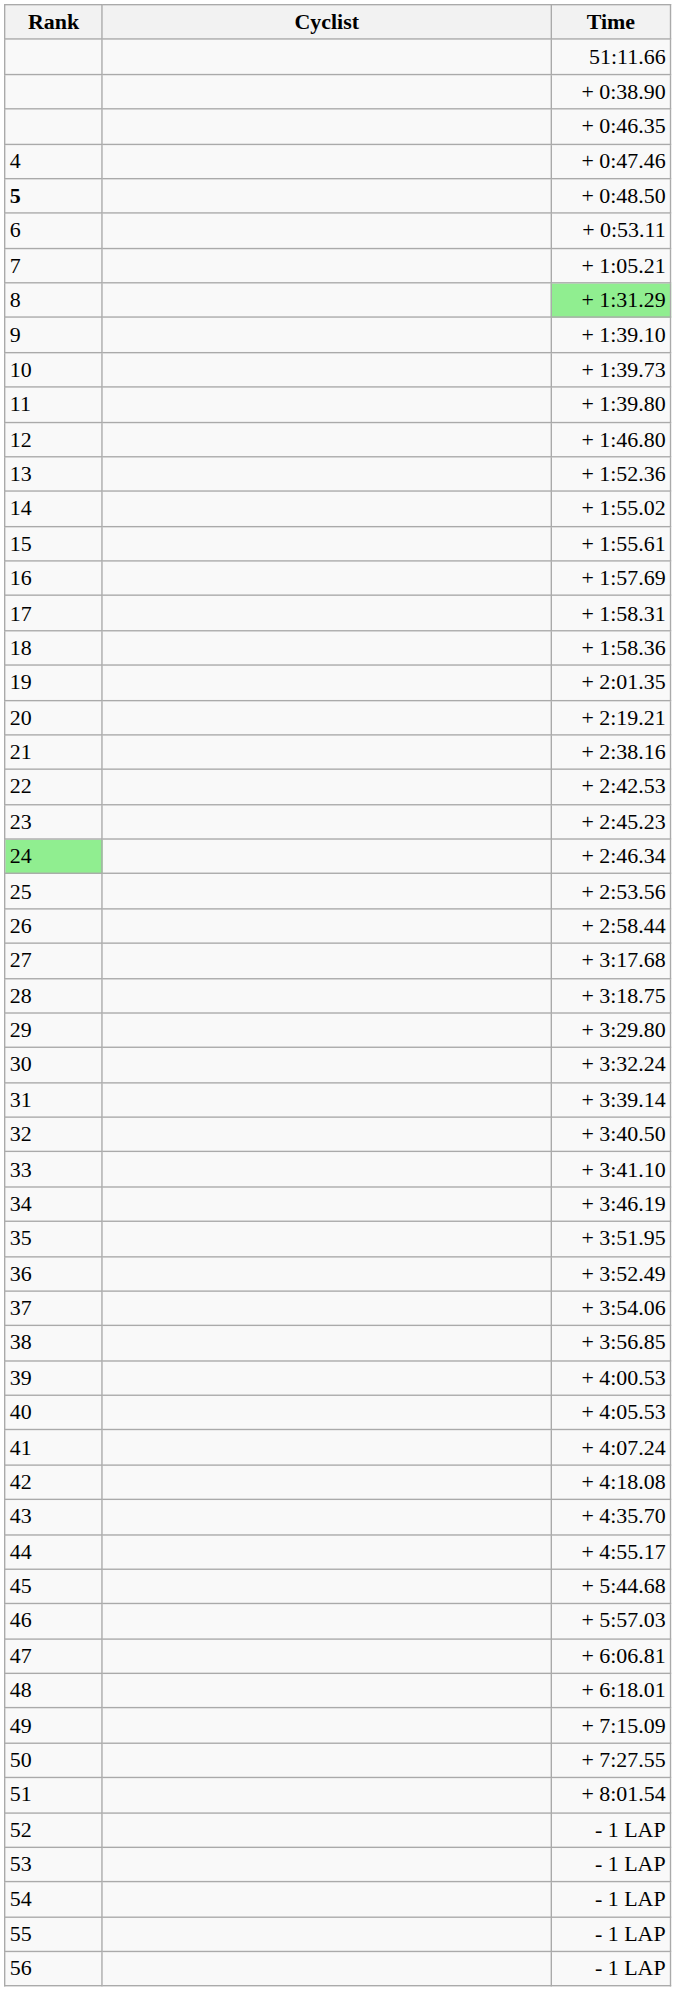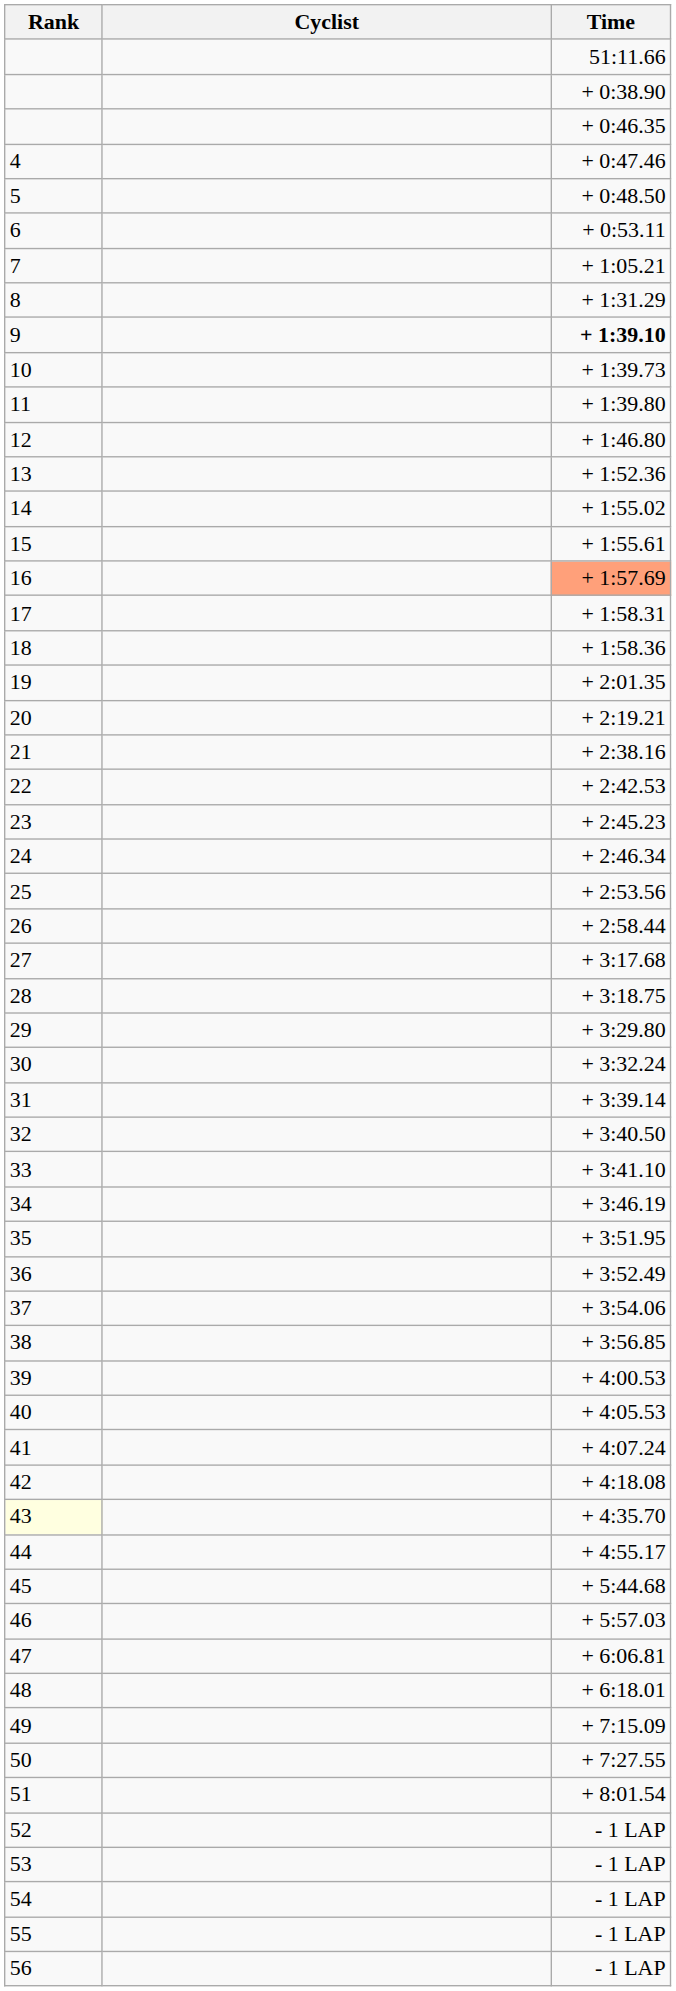 <table class="wikitable">
 <tr>
 <th style="width: 4em;">Rank</th>
 <th style="width: 20em;">Cyclist</th>
 <th style="width: 5em;">Time</th>
 </tr>
 <tr>
 <td></td>
 <td></td>
 <td align="right">51:11.66</td>
 </tr>
 <tr>
 <td></td>
 <td></td>
 <td align="right">+ 0:38.90</td>
 </tr>
 <tr>
 <td></td>
 <td></td>
 <td align="right">+ 0:46.35</td>
 </tr>
 <tr>
 <td>4</td>
 <td></td>
 <td align="right">+ 0:47.46</td>
 </tr>
 <tr>
-<td><strong>5</strong></td>
+<td>5</td>
 <td></td>
 <td align="right">+ 0:48.50</td>
 </tr>
 <tr>
 <td>6</td>
 <td></td>
 <td align="right">+ 0:53.11</td>
 </tr>
 <tr>
 <td>7</td>
 <td></td>
 <td align="right">+ 1:05.21</td>
 </tr>
 <tr>
 <td>8</td>
 <td></td>
-<td align="right" style="background: lightgreen;">+ 1:31.29</td>
+<td align="right">+ 1:31.29</td>
 </tr>
 <tr>
 <td>9</td>
 <td></td>
-<td align="right">+ 1:39.10</td>
+<td align="right"><strong>+ 1:39.10</strong></td>
 </tr>
 <tr>
 <td>10</td>
 <td></td>
 <td align="right">+ 1:39.73</td>
 </tr>
 <tr>
 <td>11</td>
 <td></td>
 <td align="right">+ 1:39.80</td>
 </tr>
 <tr>
 <td>12</td>
 <td></td>
 <td align="right">+ 1:46.80</td>
 </tr>
 <tr>
 <td>13</td>
 <td></td>
 <td align="right">+ 1:52.36</td>
 </tr>
 <tr>
 <td>14</td>
 <td></td>
 <td align="right">+ 1:55.02</td>
 </tr>
 <tr>
 <td>15</td>
 <td></td>
 <td align="right">+ 1:55.61</td>
 </tr>
 <tr>
 <td>16</td>
 <td></td>
-<td align="right">+ 1:57.69</td>
+<td align="right" style="background: lightsalmon;">+ 1:57.69</td>
 </tr>
 <tr>
 <td>17</td>
 <td></td>
 <td align="right">+ 1:58.31</td>
 </tr>
 <tr>
 <td>18</td>
 <td></td>
 <td align="right">+ 1:58.36</td>
 </tr>
 <tr>
 <td>19</td>
 <td></td>
 <td align="right">+ 2:01.35</td>
 </tr>
 <tr>
 <td>20</td>
 <td></td>
 <td align="right">+ 2:19.21</td>
 </tr>
 <tr>
 <td>21</td>
 <td></td>
 <td align="right">+ 2:38.16</td>
 </tr>
 <tr>
 <td>22</td>
 <td></td>
 <td align="right">+ 2:42.53</td>
 </tr>
 <tr>
 <td>23</td>
 <td></td>
 <td align="right">+ 2:45.23</td>
 </tr>
 <tr>
-<td style="background: lightgreen;">24</td>
+<td>24</td>
 <td></td>
 <td align="right">+ 2:46.34</td>
 </tr>
 <tr>
 <td>25</td>
 <td></td>
 <td align="right">+ 2:53.56</td>
 </tr>
 <tr>
 <td>26</td>
 <td></td>
 <td align="right">+ 2:58.44</td>
 </tr>
 <tr>
 <td>27</td>
 <td></td>
 <td align="right">+ 3:17.68</td>
 </tr>
 <tr>
 <td>28</td>
 <td></td>
 <td align="right">+ 3:18.75</td>
 </tr>
 <tr>
 <td>29</td>
 <td></td>
 <td align="right">+ 3:29.80</td>
 </tr>
 <tr>
 <td>30</td>
 <td></td>
 <td align="right">+ 3:32.24</td>
 </tr>
 <tr>
 <td>31</td>
 <td></td>
 <td align="right">+ 3:39.14</td>
 </tr>
 <tr>
 <td>32</td>
 <td></td>
 <td align="right">+ 3:40.50</td>
 </tr>
 <tr>
 <td>33</td>
 <td></td>
 <td align="right">+ 3:41.10</td>
 </tr>
 <tr>
 <td>34</td>
 <td></td>
 <td align="right">+ 3:46.19</td>
 </tr>
 <tr>
 <td>35</td>
 <td></td>
 <td align="right">+ 3:51.95</td>
 </tr>
 <tr>
 <td>36</td>
 <td></td>
 <td align="right">+ 3:52.49</td>
 </tr>
 <tr>
 <td>37</td>
 <td></td>
 <td align="right">+ 3:54.06</td>
 </tr>
 <tr>
 <td>38</td>
 <td></td>
 <td align="right">+ 3:56.85</td>
 </tr>
 <tr>
 <td>39</td>
 <td></td>
 <td align="right">+ 4:00.53</td>
 </tr>
 <tr>
 <td>40</td>
 <td></td>
 <td align="right">+ 4:05.53</td>
 </tr>
 <tr>
 <td>41</td>
 <td></td>
 <td align="right">+ 4:07.24</td>
 </tr>
 <tr>
 <td>42</td>
 <td></td>
 <td align="right">+ 4:18.08</td>
 </tr>
 <tr>
-<td>43</td>
+<td style="background: lightyellow;">43</td>
 <td></td>
 <td align="right">+ 4:35.70</td>
 </tr>
 <tr>
 <td>44</td>
 <td></td>
 <td align="right">+ 4:55.17</td>
 </tr>
 <tr>
 <td>45</td>
 <td></td>
 <td align="right">+ 5:44.68</td>
 </tr>
 <tr>
 <td>46</td>
 <td></td>
 <td align="right">+ 5:57.03</td>
 </tr>
 <tr>
 <td>47</td>
 <td></td>
 <td align="right">+ 6:06.81</td>
 </tr>
 <tr>
 <td>48</td>
 <td></td>
 <td align="right">+ 6:18.01</td>
 </tr>
 <tr>
 <td>49</td>
 <td></td>
 <td align="right">+ 7:15.09</td>
 </tr>
 <tr>
 <td>50</td>
 <td></td>
 <td align="right">+ 7:27.55</td>
 </tr>
 <tr>
 <td>51</td>
 <td></td>
 <td align="right">+ 8:01.54</td>
 </tr>
 <tr>
 <td>52</td>
 <td></td>
 <td align="right">- 1 LAP</td>
 </tr>
 <tr>
 <td>53</td>
 <td></td>
 <td align="right">- 1 LAP</td>
 </tr>
 <tr>
 <td>54</td>
 <td></td>
 <td align="right">- 1 LAP</td>
 </tr>
 <tr>
 <td>55</td>
 <td></td>
 <td align="right">- 1 LAP</td>
 </tr>
 <tr>
 <td>56</td>
 <td></td>
 <td align="right">- 1 LAP</td>
 </tr>
 </table>
